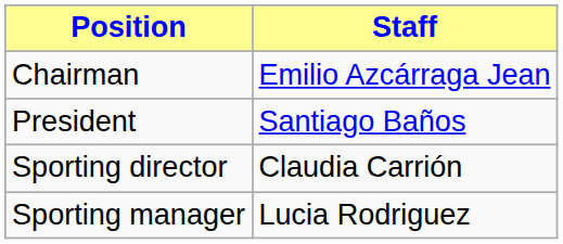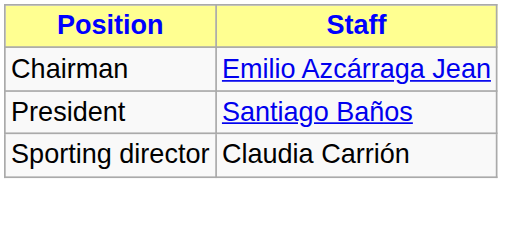 <table class="wikitable">
 <tr>
 <th style=background-color:#FFFF91;color:Blue>Position</th>
 <th style=background-color:#FFFF91;color:Blue>Staff</th>
 </tr>
 <tr>
 <td>Chairman</td>
 <td> <a href='#'>Emilio Azcárraga Jean</a></td>
 </tr>
 <tr>
 <td>President</td>
 <td> <a href='#'>Santiago Baños</a></td>
 </tr>
 <tr>
 <td>Sporting director</td>
 <td> Claudia Carrión</td>
 </tr>
-<tr>
-<td>Sporting manager</td>
-<td> Lucia Rodriguez</td>
-</tr>
 </table>
